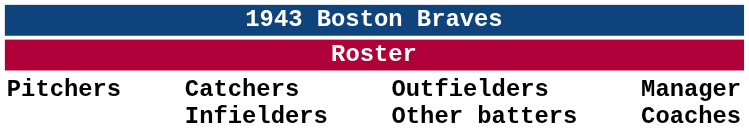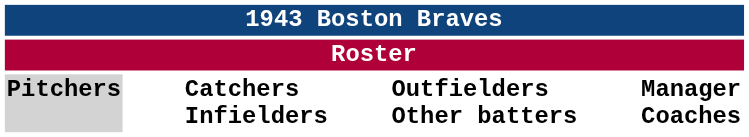 <table class="toccolours" style="font-size: 95%;">
 <tr>
 <th colspan="10" style="background-color: #0f437c; color: white; text-align: center;">1943 Boston Braves</th>
 </tr>
 <tr>
 <td colspan="10" style="background-color: #af0039; color: white; text-align: center;"><strong>Roster</strong></td>
 </tr>
 <tr>
-<td valign="top"><strong>Pitchers</strong><br>                </td>
+<td valign="top" style="background: lightgrey;"><strong>Pitchers</strong><br>                </td>
 <td width="25px"></td>
 <td valign="top"><strong>Catchers</strong><br>   <strong>Infielders</strong>           </td>
 <td width="25px"></td>
 <td valign="top"><strong>Outfielders</strong><br>    <strong>Other batters</strong>  </td>
 <td width="25px"></td>
 <td valign="top"><strong>Manager</strong><br>  <strong>Coaches</strong>  </td>
 </tr>
 </table>
